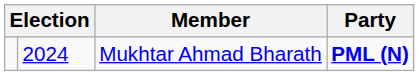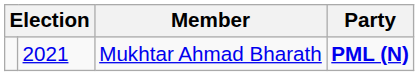 <table class="wikitable">
 <tr>
 <th colspan="2">Election</th>
 <th>Member</th>
 <th>Party</th>
 </tr>
 <tr>
 <td style="background-color: "></td>
-<td><a href='#'>2024</a></td>
+<td><a href='#'>2021</a></td>
 <td><a href='#'>Mukhtar Ahmad Bharath</a></td>
 <td><strong><a href='#'>PML (N)</a></strong></td>
 </tr>
 </table>
